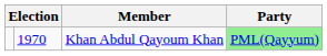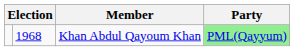 <table class="wikitable">
 <tr>
 <th colspan="2">Election</th>
 <th>Member</th>
 <th>Party</th>
 </tr>
 <tr>
 <td style="background-color: "></td>
-<td><a href='#'>1970</a></td>
+<td><a href='#'>1968</a></td>
 <td><a href='#'>Khan Abdul Qayoum Khan</a></td>
 <td style="background: lightgreen;"><a href='#'>PML(Qayyum)</a></td>
 </tr>
 </table>
